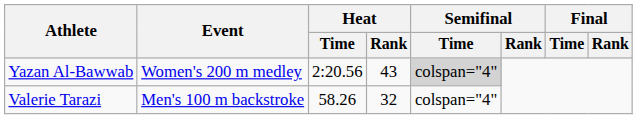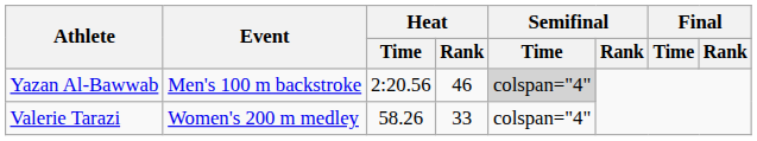 <table class=wikitable style="font-size:90%">
 <tr>
 <th rowspan="2">Athlete</th>
 <th rowspan="2">Event</th>
 <th colspan="2">Heat</th>
 <th colspan="2">Semifinal</th>
 <th colspan="2">Final</th>
 </tr>
 <tr style="font-size:95%">
 <th>Time</th>
 <th>Rank</th>
 <th>Time</th>
 <th>Rank</th>
 <th>Time</th>
 <th>Rank</th>
 </tr>
 <tr align=center>
 <td align=left><a href='#'>Yazan Al-Bawwab</a></td>
-<td align=left><a href='#'>Women's 200 m medley</a></td>
+<td align=left><a href='#'>Men's 100 m backstroke</a></td>
 <td>2:20.56</td>
-<td>43</td>
+<td>46</td>
 <td style="background: lightgrey;">colspan="4"</td>
 </tr>
 <tr align=center>
 <td align=left><a href='#'>Valerie Tarazi</a></td>
-<td align=left><a href='#'>Men's 100 m backstroke</a></td>
+<td align=left><a href='#'>Women's 200 m medley</a></td>
 <td>58.26</td>
-<td>32</td>
+<td>33</td>
 <td>colspan="4"</td>
 </tr>
 </table>
